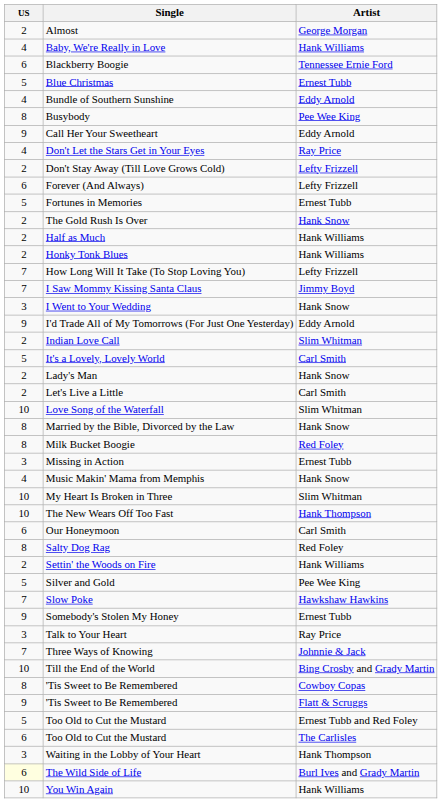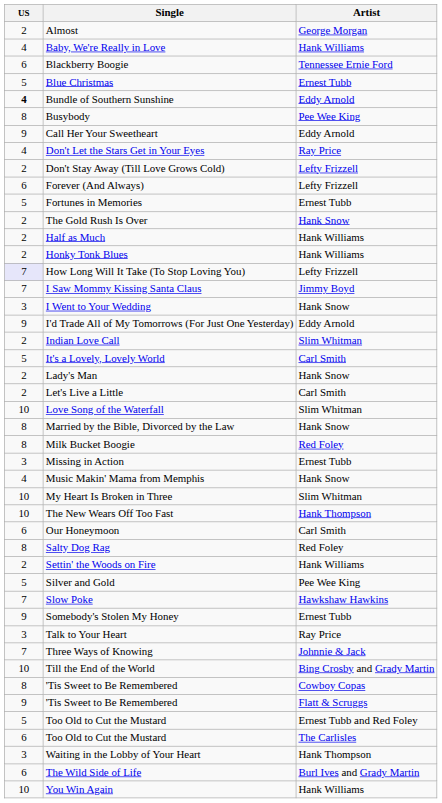 <table class="wikitable sortable">
 <tr>
 <th width="50"><small>US</small></th>
 <th>Single</th>
 <th>Artist</th>
 </tr>
 <tr>
 <td align="center">2</td>
 <td>Almost</td>
 <td><a href='#'>George Morgan</a></td>
 </tr>
 <tr>
 <td align="center">4</td>
 <td><a href='#'>Baby, We're Really in Love</a></td>
 <td><a href='#'>Hank Williams</a></td>
 </tr>
 <tr>
 <td align="center">6</td>
 <td>Blackberry Boogie</td>
 <td><a href='#'>Tennessee Ernie Ford</a></td>
 </tr>
 <tr>
 <td align="center">5</td>
 <td><a href='#'>Blue Christmas</a></td>
 <td><a href='#'>Ernest Tubb</a></td>
 </tr>
 <tr>
-<td align="center">4</td>
+<td align="center"><strong>4</strong></td>
 <td>Bundle of Southern Sunshine</td>
 <td><a href='#'>Eddy Arnold</a></td>
 </tr>
 <tr>
 <td align="center">8</td>
 <td>Busybody</td>
 <td><a href='#'>Pee Wee King</a></td>
 </tr>
 <tr>
 <td align="center">9</td>
 <td>Call Her Your Sweetheart</td>
 <td>Eddy Arnold</td>
 </tr>
 <tr>
 <td align="center">4</td>
 <td><a href='#'>Don't Let the Stars Get in Your Eyes</a></td>
 <td><a href='#'>Ray Price</a></td>
 </tr>
 <tr>
 <td align="center">2</td>
 <td>Don't Stay Away (Till Love Grows Cold)</td>
 <td><a href='#'>Lefty Frizzell</a></td>
 </tr>
 <tr>
 <td align="center">6</td>
 <td>Forever (And Always)</td>
 <td>Lefty Frizzell</td>
 </tr>
 <tr>
 <td align="center">5</td>
 <td>Fortunes in Memories</td>
 <td>Ernest Tubb</td>
 </tr>
 <tr>
 <td align="center">2</td>
 <td>The Gold Rush Is Over</td>
 <td><a href='#'>Hank Snow</a></td>
 </tr>
 <tr>
 <td align="center">2</td>
 <td><a href='#'>Half as Much</a></td>
 <td>Hank Williams</td>
 </tr>
 <tr>
 <td align="center">2</td>
 <td><a href='#'>Honky Tonk Blues</a></td>
 <td>Hank Williams</td>
 </tr>
 <tr>
-<td align="center">7</td>
+<td align="center" style="background: lavender;">7</td>
 <td>How Long Will It Take (To Stop Loving You)</td>
 <td>Lefty Frizzell</td>
 </tr>
 <tr>
 <td align="center">7</td>
 <td><a href='#'>I Saw Mommy Kissing Santa Claus</a></td>
 <td><a href='#'>Jimmy Boyd</a></td>
 </tr>
 <tr>
 <td align="center">3</td>
 <td><a href='#'>I Went to Your Wedding</a></td>
 <td>Hank Snow</td>
 </tr>
 <tr>
 <td align="center">9</td>
 <td>I'd Trade All of My Tomorrows (For Just One Yesterday)</td>
 <td>Eddy Arnold</td>
 </tr>
 <tr>
 <td align="center">2</td>
 <td><a href='#'>Indian Love Call</a></td>
 <td><a href='#'>Slim Whitman</a></td>
 </tr>
 <tr>
 <td align="center">5</td>
 <td><a href='#'>It's a Lovely, Lovely World</a></td>
 <td><a href='#'>Carl Smith</a></td>
 </tr>
 <tr>
 <td align="center">2</td>
 <td>Lady's Man</td>
 <td>Hank Snow</td>
 </tr>
 <tr>
 <td align="center">2</td>
 <td>Let's Live a Little</td>
 <td>Carl Smith</td>
 </tr>
 <tr>
 <td align="center">10</td>
 <td><a href='#'>Love Song of the Waterfall</a></td>
 <td>Slim Whitman</td>
 </tr>
 <tr>
 <td align="center">8</td>
 <td>Married by the Bible, Divorced by the Law</td>
 <td>Hank Snow</td>
 </tr>
 <tr>
 <td align="center">8</td>
 <td>Milk Bucket Boogie</td>
 <td><a href='#'>Red Foley</a></td>
 </tr>
 <tr>
 <td align="center">3</td>
 <td>Missing in Action</td>
 <td>Ernest Tubb</td>
 </tr>
 <tr>
 <td align="center">4</td>
 <td>Music Makin' Mama from Memphis</td>
 <td>Hank Snow</td>
 </tr>
 <tr>
 <td align="center">10</td>
 <td>My Heart Is Broken in Three</td>
 <td>Slim Whitman</td>
 </tr>
 <tr>
 <td align="center">10</td>
 <td>The New Wears Off Too Fast</td>
 <td><a href='#'>Hank Thompson</a></td>
 </tr>
 <tr>
 <td align="center">6</td>
 <td>Our Honeymoon</td>
 <td>Carl Smith</td>
 </tr>
 <tr>
 <td align="center">8</td>
 <td><a href='#'>Salty Dog Rag</a></td>
 <td>Red Foley</td>
 </tr>
 <tr>
 <td align="center">2</td>
 <td><a href='#'>Settin' the Woods on Fire</a></td>
 <td>Hank Williams</td>
 </tr>
 <tr>
 <td align="center">5</td>
 <td>Silver and Gold</td>
 <td>Pee Wee King</td>
 </tr>
 <tr>
 <td align="center">7</td>
 <td><a href='#'>Slow Poke</a></td>
 <td><a href='#'>Hawkshaw Hawkins</a></td>
 </tr>
 <tr>
 <td align="center">9</td>
 <td>Somebody's Stolen My Honey</td>
 <td>Ernest Tubb</td>
 </tr>
 <tr>
 <td align="center">3</td>
 <td>Talk to Your Heart</td>
 <td>Ray Price</td>
 </tr>
 <tr>
 <td align="center">7</td>
 <td>Three Ways of Knowing</td>
 <td><a href='#'>Johnnie & Jack</a></td>
 </tr>
 <tr>
 <td align="center">10</td>
 <td>Till the End of the World</td>
 <td><a href='#'>Bing Crosby</a> and <a href='#'>Grady Martin</a></td>
 </tr>
 <tr>
 <td align="center">8</td>
 <td>'Tis Sweet to Be Remembered</td>
 <td><a href='#'>Cowboy Copas</a></td>
 </tr>
 <tr>
 <td align="center">9</td>
 <td>'Tis Sweet to Be Remembered</td>
 <td><a href='#'>Flatt & Scruggs</a></td>
 </tr>
 <tr>
 <td align="center">5</td>
 <td>Too Old to Cut the Mustard</td>
 <td>Ernest Tubb and Red Foley</td>
 </tr>
 <tr>
 <td align="center">6</td>
 <td>Too Old to Cut the Mustard</td>
 <td><a href='#'>The Carlisles</a></td>
 </tr>
 <tr>
 <td align="center">3</td>
 <td>Waiting in the Lobby of Your Heart</td>
 <td>Hank Thompson</td>
 </tr>
 <tr>
-<td align="center" style="background: lightyellow;">6</td>
+<td align="center">6</td>
 <td><a href='#'>The Wild Side of Life</a></td>
 <td><a href='#'>Burl Ives</a> and <a href='#'>Grady Martin</a></td>
 </tr>
 <tr>
 <td align="center">10</td>
 <td><a href='#'>You Win Again</a></td>
 <td>Hank Williams</td>
 </tr>
 </table>
